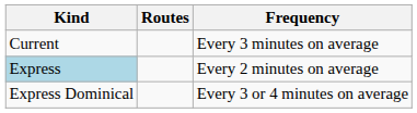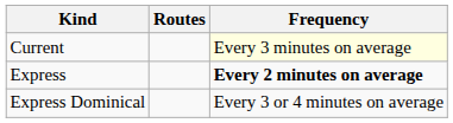 <table class="wikitable" style="margin-left: auto; margin-right: auto; border: none;">
 <tr>
 <th>Kind</th>
 <th>Routes</th>
 <th>Frequency</th>
 </tr>
 <tr>
 <td>Current</td>
 <td></td>
-<td>Every 3 minutes on average</td>
+<td style="background: lightyellow;">Every 3 minutes on average</td>
 </tr>
 <tr>
-<td style="background: lightblue;">Express</td>
+<td>Express</td>
 <td></td>
-<td>Every 2 minutes on average</td>
+<td><strong>Every 2 minutes on average</strong></td>
 </tr>
 <tr>
 <td>Express Dominical</td>
 <td></td>
 <td>Every 3 or 4 minutes on average</td>
 </tr>
 </table>
